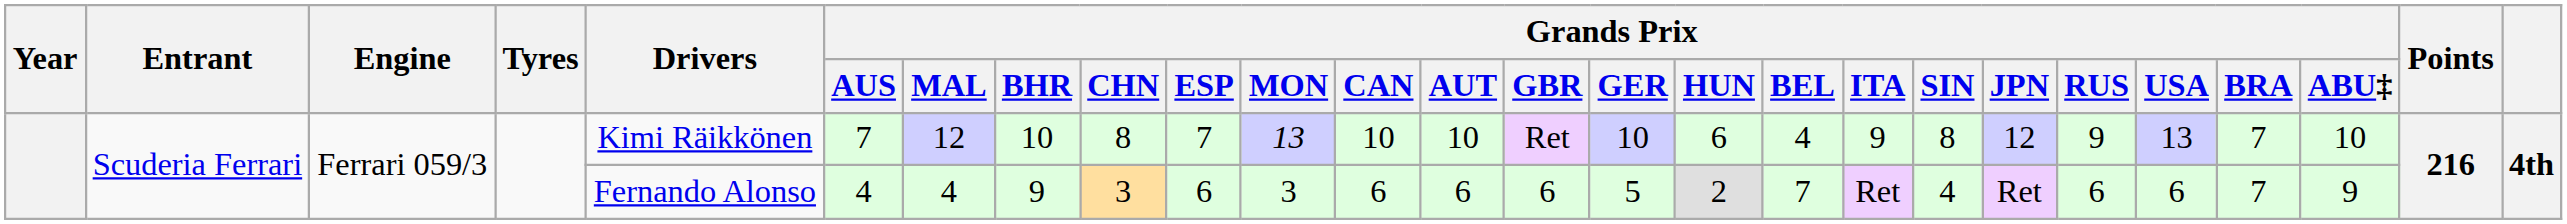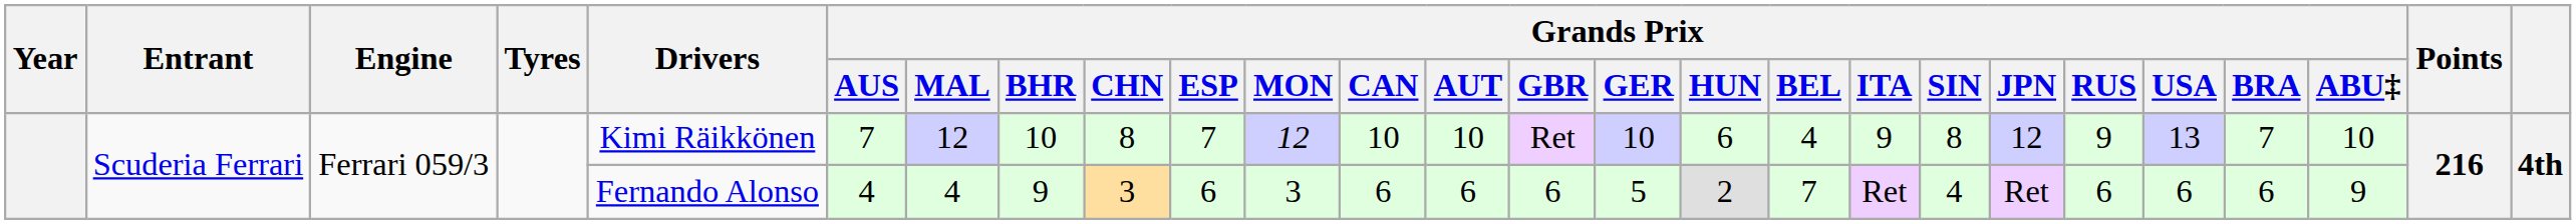 <table class="wikitable" style="text-align:center; font-size:90%">
 <tr>
 <th rowspan="2">Year</th>
 <th rowspan="2">Entrant</th>
 <th rowspan="2">Engine</th>
 <th rowspan="2">Tyres</th>
 <th rowspan="2">Drivers</th>
 <th colspan="19">Grands Prix</th>
 <th rowspan="2">Points</th>
 <th rowspan="2"></th>
 </tr>
 <tr>
 <th><a href='#'>AUS</a></th>
 <th><a href='#'>MAL</a></th>
 <th><a href='#'>BHR</a></th>
 <th><a href='#'>CHN</a></th>
 <th><a href='#'>ESP</a></th>
 <th><a href='#'>MON</a></th>
 <th><a href='#'>CAN</a></th>
 <th><a href='#'>AUT</a></th>
 <th><a href='#'>GBR</a></th>
 <th><a href='#'>GER</a></th>
 <th><a href='#'>HUN</a></th>
 <th><a href='#'>BEL</a></th>
 <th><a href='#'>ITA</a></th>
 <th><a href='#'>SIN</a></th>
 <th><a href='#'>JPN</a></th>
 <th><a href='#'>RUS</a></th>
 <th><a href='#'>USA</a></th>
 <th><a href='#'>BRA</a></th>
 <th><a href='#'>ABU</a>‡</th>
 </tr>
 <tr>
 <th rowspan=2></th>
 <td rowspan=2><a href='#'>Scuderia Ferrari</a></td>
 <td rowspan=2>Ferrari 059/3</td>
 <td rowspan=2></td>
 <td align="center"><a href='#'>Kimi Räikkönen</a></td>
 <td style="background-color:#dfffdf">7</td>
 <td style="background-color:#cfcfff">12</td>
 <td style="background-color:#dfffdf">10</td>
 <td style="background-color:#dfffdf">8</td>
 <td style="background-color:#dfffdf">7</td>
-<td style="background-color:#cfcfff"><em>13</em></td>
+<td style="background-color:#cfcfff"><em>12</em></td>
 <td style="background-color:#dfffdf">10</td>
 <td style="background-color:#dfffdf">10</td>
 <td style="background-color:#efcfff">Ret</td>
 <td style="background-color:#cfcfff">10</td>
 <td style="background-color:#dfffdf">6</td>
 <td style="background-color:#dfffdf">4</td>
 <td style="background-color:#dfffdf">9</td>
 <td style="background-color:#dfffdf">8</td>
 <td style="background-color:#cfcfff">12</td>
 <td style="background-color:#dfffdf">9</td>
 <td style="background-color:#cfcfff">13</td>
 <td style="background-color:#dfffdf">7</td>
 <td style="background-color:#dfffdf">10</td>
 <th rowspan="2">216</th>
 <th rowspan="2">4th</th>
 </tr>
 <tr>
 <td align="center"><a href='#'>Fernando Alonso</a></td>
 <td style="background-color:#dfffdf">4</td>
 <td style="background-color:#dfffdf">4</td>
 <td style="background-color:#dfffdf">9</td>
 <td style="background-color:#ffdf9f">3</td>
 <td style="background-color:#dfffdf">6</td>
 <td style="background-color:#dfffdf">3</td>
 <td style="background-color:#dfffdf">6</td>
 <td style="background-color:#dfffdf">6</td>
 <td style="background-color:#dfffdf">6</td>
 <td style="background-color:#dfffdf">5</td>
 <td style="background-color:#dfdfdf">2</td>
 <td style="background-color:#dfffdf">7</td>
 <td style="background-color:#efcfff">Ret</td>
 <td style="background-color:#dfffdf">4</td>
 <td style="background-color:#efcfff">Ret</td>
 <td style="background-color:#dfffdf">6</td>
 <td style="background-color:#dfffdf">6</td>
-<td style="background-color:#dfffdf">7</td>
+<td style="background-color:#dfffdf">6</td>
 <td style="background-color:#dfffdf">9</td>
 </tr>
 </table>
